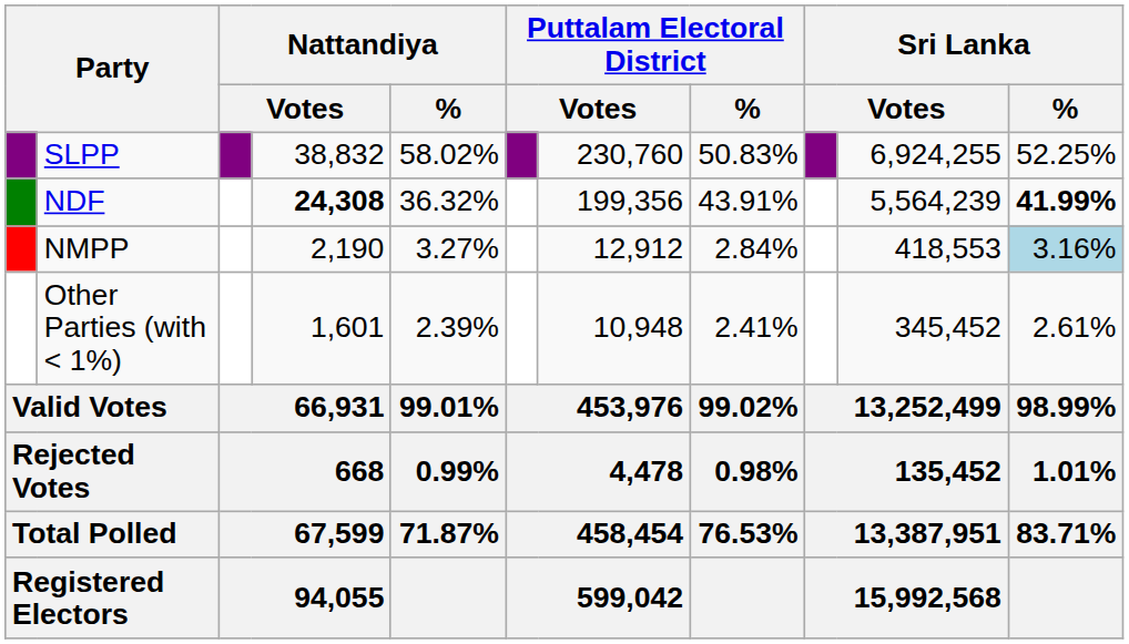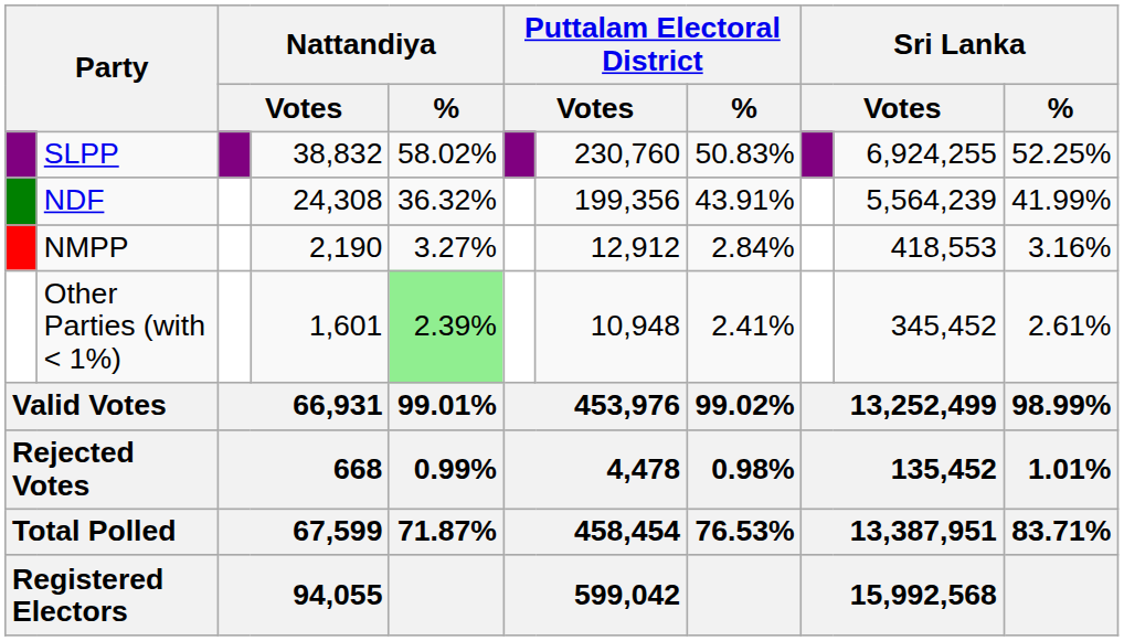 <table class="wikitable">
 <tr>
 <th colspan="2" width="144px"rowspan="2">Party</th>
 <th colspan="3" width="216px">Nattandiya</th>
 <th colspan="3" width="216px"><a href='#'>Puttalam Electoral District</a></th>
 <th colspan="3" width="216px">Sri Lanka</th>
 </tr>
 <tr>
 <th colspan="2" width="144px">Votes</th>
 <th>%</th>
 <th colspan="2" width="144px">Votes</th>
 <th>%</th>
 <th colspan="2" width="144px">Votes</th>
 <th>%</th>
 </tr>
 <tr>
 <td style="background-color:purple;" width="10px"></td>
 <td style="text-align:left;"><a href='#'>SLPP</a></td>
 <td style="background-color:purple;" width="10px"></td>
 <td style="text-align:right;">38,832</td>
 <td style="text-align:right;">58.02%</td>
 <td style="background-color:purple;" width="10px"></td>
 <td style="text-align:right;">230,760</td>
 <td style="text-align:right;">50.83%</td>
 <td style="background-color:purple;" width="10px"></td>
 <td style="text-align:right;">6,924,255</td>
 <td style="text-align:right;">52.25%</td>
 </tr>
 <tr>
 <td style="background-color:green;" width="10px"></td>
 <td style="text-align:left;"><a href='#'>NDF</a></td>
 <td style="background-color:white;" width="10px"></td>
-<td style="text-align:right;"><strong>24,308</strong></td>
+<td style="text-align:right;">24,308</td>
 <td style="text-align:right;">36.32%</td>
 <td style="background-color:white;" width="10px"></td>
 <td style="text-align:right;">199,356</td>
 <td style="text-align:right;">43.91%</td>
 <td style="background-color:white;" width="10px"></td>
 <td style="text-align:right;">5,564,239</td>
-<td style="text-align:right;"><strong>41.99%</strong></td>
+<td style="text-align:right;">41.99%</td>
 </tr>
 <tr>
 <td style="background-color:red;" width="10px"></td>
 <td style="text-align:left;">NMPP</td>
 <td style="background-color:white;" width="10px"></td>
 <td style="text-align:right;">2,190</td>
 <td style="text-align:right;">3.27%</td>
 <td style="background-color:white;" width="10px"></td>
 <td style="text-align:right;">12,912</td>
 <td style="text-align:right;">2.84%</td>
 <td style="background-color:white;" width="10px"></td>
 <td style="text-align:right;">418,553</td>
-<td style="background: lightblue; text-align:right;">3.16%</td>
+<td style="text-align:right;">3.16%</td>
 </tr>
 <tr>
 <td style="background-color:white;" width="10px"></td>
 <td style="text-align:left;">Other Parties (with < 1%)</td>
 <td style="background-color:white;" width="10px"></td>
 <td style="text-align:right;">1,601</td>
-<td style="text-align:right;">2.39%</td>
+<td style="background: lightgreen; text-align:right;">2.39%</td>
 <td style="background-color:white;" width="10px"></td>
 <td style="text-align:right;">10,948</td>
 <td style="text-align:right;">2.41%</td>
 <td style="background-color:white;" width="10px"></td>
 <td style="text-align:right;">345,452</td>
 <td style="text-align:right;">2.61%</td>
 </tr>
 <tr>
 <th colspan="2" width="144px"style="text-align:left;">Valid Votes</th>
 <th style="text-align:right;"colspan="2" width="144px">66,931</th>
 <th style="text-align:right;">99.01%</th>
 <th style="text-align:right;"colspan="2" width="144px">453,976</th>
 <th style="text-align:right;">99.02%</th>
 <th style="text-align:right;"colspan="2" width="144px">13,252,499</th>
 <th style="text-align:right;">98.99%</th>
 </tr>
 <tr>
 <th colspan="2" width="144px"style="text-align:left;">Rejected Votes</th>
 <th style="text-align:right;"colspan="2" width="144px">668</th>
 <th style="text-align:right;">0.99%</th>
 <th style="text-align:right;"colspan="2" width="144px">4,478</th>
 <th style="text-align:right;">0.98%</th>
 <th style="text-align:right;"colspan="2" width="144px">135,452</th>
 <th style="text-align:right;">1.01%</th>
 </tr>
 <tr>
 <th colspan="2" width="144px"style="text-align:left;">Total Polled</th>
 <th style="text-align:right;"colspan="2" width="144px">67,599</th>
 <th style="text-align:right;">71.87%</th>
 <th style="text-align:right;"colspan="2" width="144px">458,454</th>
 <th style="text-align:right;">76.53%</th>
 <th style="text-align:right;"colspan="2" width="144px">13,387,951</th>
 <th style="text-align:right;">83.71%</th>
 </tr>
 <tr>
 <th colspan="2" width="144px"style="text-align:left;">Registered Electors</th>
 <th style="text-align:right;"colspan="2" width="144px">94,055</th>
 <th></th>
 <th style="text-align:right;"colspan="2" width="144px">599,042</th>
 <th></th>
 <th style="text-align:right;"colspan="2" width="144px">15,992,568</th>
 <th></th>
 </tr>
 </table>
